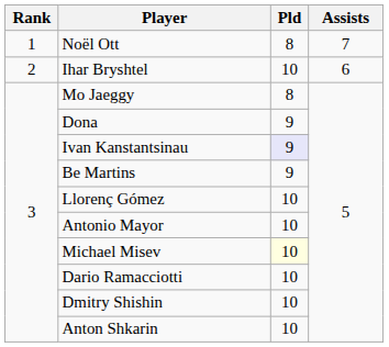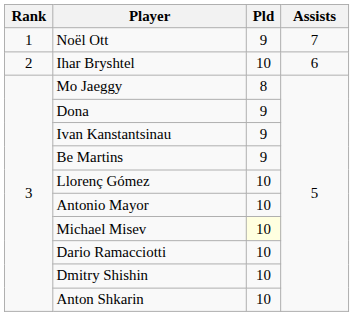 <table class="wikitable" style="text-align:center">
 <tr>
 <th width=45>Rank</th>
 <th width=200>Player</th>
 <th width=30>Pld</th>
 <th width=65>Assists</th>
 </tr>
 <tr>
 <td>1</td>
 <td style="text-align:left"> Noël Ott</td>
-<td>8</td>
+<td>9</td>
 <td>7</td>
 </tr>
 <tr>
 <td>2</td>
 <td style="text-align:left"> Ihar Bryshtel</td>
 <td>10</td>
 <td>6</td>
 </tr>
 <tr>
 <td rowspan=10>3</td>
 <td style="text-align:left"> Mo Jaeggy</td>
 <td>8</td>
 <td rowspan=10>5</td>
 </tr>
 <tr>
 <td style="text-align:left"> Dona</td>
 <td>9</td>
 </tr>
 <tr>
 <td style="text-align:left"> Ivan Kanstantsinau</td>
-<td style="background: lavender;">9</td>
+<td>9</td>
 </tr>
 <tr>
 <td style="text-align:left"> Be Martins</td>
 <td>9</td>
 </tr>
 <tr>
 <td style="text-align:left"> Llorenç Gómez</td>
 <td>10</td>
 </tr>
 <tr>
 <td style="text-align:left"> Antonio Mayor</td>
 <td>10</td>
 </tr>
 <tr>
 <td style="text-align:left"> Michael Misev</td>
 <td style="background: lightyellow;">10</td>
 </tr>
 <tr>
 <td style="text-align:left"> Dario Ramacciotti</td>
 <td>10</td>
 </tr>
 <tr>
 <td style="text-align:left"> Dmitry Shishin</td>
 <td>10</td>
 </tr>
 <tr>
 <td style="text-align:left"> Anton Shkarin</td>
 <td>10</td>
 </tr>
 </table>
